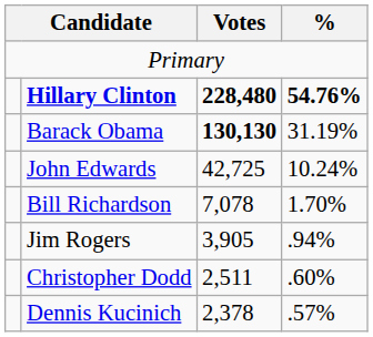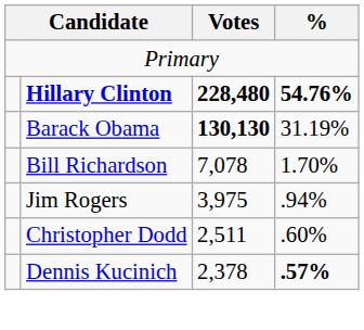 <table class="wikitable">
 <tr>
 <th colspan="2"  style="text-align:center; vertical-align:top;"><strong>Candidate</strong></th>
 <th valign="top"><strong>Votes</strong></th>
 <th valign="top"><strong>%</strong></th>
 </tr>
 <tr>
 <td style="text-align:center;" colspan="4"><em>Primary</em></td>
 </tr>
 <tr>
 <td style="background-color:"> </td>
 <td><strong><a href='#'>Hillary Clinton</a></strong></td>
 <td><strong>228,480</strong></td>
 <td><strong>54.76%</strong></td>
 </tr>
 <tr>
 <td style="background-color:"> </td>
 <td><a href='#'>Barack Obama</a></td>
 <td><strong>130,130</strong></td>
 <td>31.19%</td>
 </tr>
 <tr>
 <td style="background-color:"> </td>
-<td><a href='#'>John Edwards</a></td>
-<td>42,725</td>
-<td>10.24%</td>
-</tr>
-<tr>
-<td style="background-color:"> </td>
 <td><a href='#'>Bill Richardson</a></td>
 <td>7,078</td>
 <td>1.70%</td>
 </tr>
 <tr>
 <td style="background-color:"> </td>
 <td>Jim Rogers</td>
-<td>3,905</td>
+<td>3,975</td>
 <td>.94%</td>
 </tr>
 <tr>
 <td style="background-color:"> </td>
 <td><a href='#'>Christopher Dodd</a></td>
 <td>2,511</td>
 <td>.60%</td>
 </tr>
 <tr>
 <td style="background-color:"> </td>
 <td><a href='#'>Dennis Kucinich</a></td>
 <td>2,378</td>
-<td>.57%</td>
+<td><strong>.57%</strong></td>
 </tr>
 </table>
